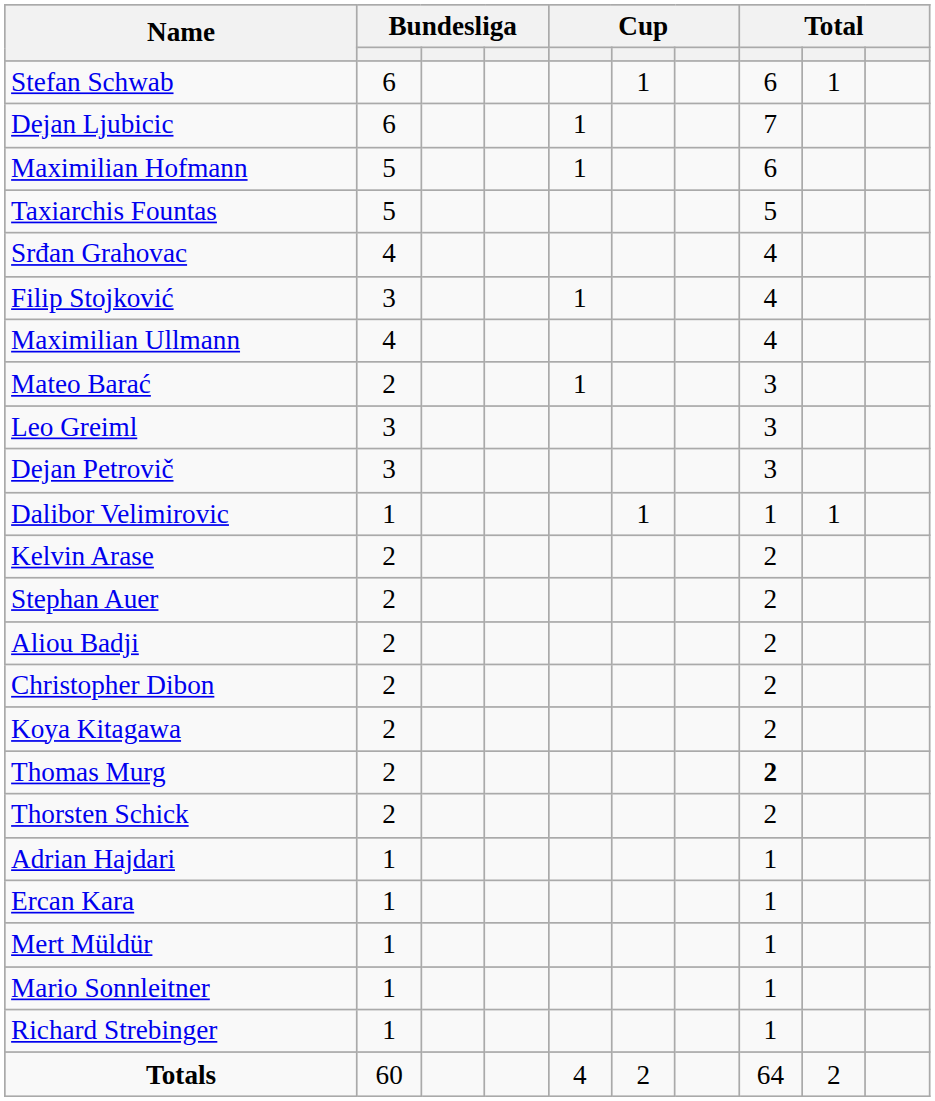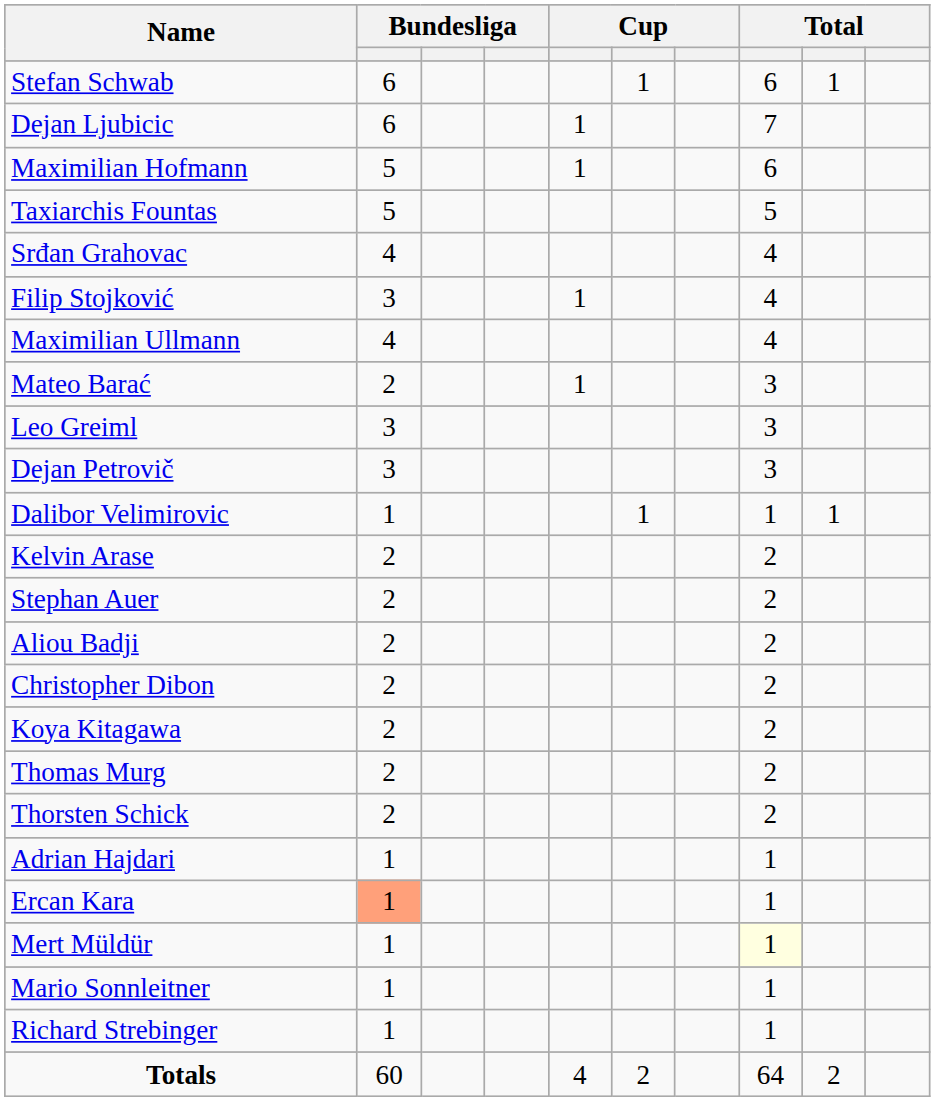 <table class="wikitable" style="text-align:center;">
 <tr>
 <th rowspan="2" width="200px">Name</th>
 <th colspan="3">Bundesliga</th>
 <th colspan="3">Cup</th>
 <th colspan="3">Total</th>
 </tr>
 <tr>
 <th width=30></th>
 <th width=30></th>
 <th width=30></th>
 <th width=30></th>
 <th width=30></th>
 <th width=30></th>
 <th width=30></th>
 <th width=30></th>
 <th width=30></th>
 </tr>
 <tr>
 <td align="left"> <a href='#'>Stefan Schwab</a></td>
 <td>6</td>
 <td></td>
 <td></td>
 <td></td>
 <td>1</td>
 <td></td>
 <td>6</td>
 <td>1</td>
 <td></td>
 </tr>
 <tr>
 <td align="left"> <a href='#'>Dejan Ljubicic</a></td>
 <td>6</td>
 <td></td>
 <td></td>
 <td>1</td>
 <td></td>
 <td></td>
 <td>7</td>
 <td></td>
 <td></td>
 </tr>
 <tr>
 <td align="left"> <a href='#'>Maximilian Hofmann</a></td>
 <td>5</td>
 <td></td>
 <td></td>
 <td>1</td>
 <td></td>
 <td></td>
 <td>6</td>
 <td></td>
 <td></td>
 </tr>
 <tr>
 <td align="left"> <a href='#'>Taxiarchis Fountas</a></td>
 <td>5</td>
 <td></td>
 <td></td>
 <td></td>
 <td></td>
 <td></td>
 <td>5</td>
 <td></td>
 <td></td>
 </tr>
 <tr>
 <td align="left"> <a href='#'>Srđan Grahovac</a></td>
 <td>4</td>
 <td></td>
 <td></td>
 <td></td>
 <td></td>
 <td></td>
 <td>4</td>
 <td></td>
 <td></td>
 </tr>
 <tr>
 <td align="left"> <a href='#'>Filip Stojković</a></td>
 <td>3</td>
 <td></td>
 <td></td>
 <td>1</td>
 <td></td>
 <td></td>
 <td>4</td>
 <td></td>
 <td></td>
 </tr>
 <tr>
 <td align="left"> <a href='#'>Maximilian Ullmann</a></td>
 <td>4</td>
 <td></td>
 <td></td>
 <td></td>
 <td></td>
 <td></td>
 <td>4</td>
 <td></td>
 <td></td>
 </tr>
 <tr>
 <td align="left"> <a href='#'>Mateo Barać</a></td>
 <td>2</td>
 <td></td>
 <td></td>
 <td>1</td>
 <td></td>
 <td></td>
 <td>3</td>
 <td></td>
 <td></td>
 </tr>
 <tr>
 <td align="left"> <a href='#'>Leo Greiml</a></td>
 <td>3</td>
 <td></td>
 <td></td>
 <td></td>
 <td></td>
 <td></td>
 <td>3</td>
 <td></td>
 <td></td>
 </tr>
 <tr>
 <td align="left"> <a href='#'>Dejan Petrovič</a></td>
 <td>3</td>
 <td></td>
 <td></td>
 <td></td>
 <td></td>
 <td></td>
 <td>3</td>
 <td></td>
 <td></td>
 </tr>
 <tr>
 <td align="left"> <a href='#'>Dalibor Velimirovic</a></td>
 <td>1</td>
 <td></td>
 <td></td>
 <td></td>
 <td>1</td>
 <td></td>
 <td>1</td>
 <td>1</td>
 <td></td>
 </tr>
 <tr>
 <td align="left"> <a href='#'>Kelvin Arase</a></td>
 <td>2</td>
 <td></td>
 <td></td>
 <td></td>
 <td></td>
 <td></td>
 <td>2</td>
 <td></td>
 <td></td>
 </tr>
 <tr>
 <td align="left"> <a href='#'>Stephan Auer</a></td>
 <td>2</td>
 <td></td>
 <td></td>
 <td></td>
 <td></td>
 <td></td>
 <td>2</td>
 <td></td>
 <td></td>
 </tr>
 <tr>
 <td align="left"> <a href='#'>Aliou Badji</a></td>
 <td>2</td>
 <td></td>
 <td></td>
 <td></td>
 <td></td>
 <td></td>
 <td>2</td>
 <td></td>
 <td></td>
 </tr>
 <tr>
 <td align="left"> <a href='#'>Christopher Dibon</a></td>
 <td>2</td>
 <td></td>
 <td></td>
 <td></td>
 <td></td>
 <td></td>
 <td>2</td>
 <td></td>
 <td></td>
 </tr>
 <tr>
 <td align="left"> <a href='#'>Koya Kitagawa</a></td>
 <td>2</td>
 <td></td>
 <td></td>
 <td></td>
 <td></td>
 <td></td>
 <td>2</td>
 <td></td>
 <td></td>
 </tr>
 <tr>
 <td align="left"> <a href='#'>Thomas Murg</a></td>
 <td>2</td>
 <td></td>
 <td></td>
 <td></td>
 <td></td>
 <td></td>
-<td><strong>2</strong></td>
+<td>2</td>
 <td></td>
 <td></td>
 </tr>
 <tr>
 <td align="left"> <a href='#'>Thorsten Schick</a></td>
 <td>2</td>
 <td></td>
 <td></td>
 <td></td>
 <td></td>
 <td></td>
 <td>2</td>
 <td></td>
 <td></td>
 </tr>
 <tr>
 <td align="left"> <a href='#'>Adrian Hajdari</a></td>
 <td>1</td>
 <td></td>
 <td></td>
 <td></td>
 <td></td>
 <td></td>
 <td>1</td>
 <td></td>
 <td></td>
 </tr>
 <tr>
 <td align="left"> <a href='#'>Ercan Kara</a></td>
-<td>1</td>
+<td style="background: lightsalmon;">1</td>
 <td></td>
 <td></td>
 <td></td>
 <td></td>
 <td></td>
 <td>1</td>
 <td></td>
 <td></td>
 </tr>
 <tr>
 <td align="left"> <a href='#'>Mert Müldür</a></td>
 <td>1</td>
 <td></td>
 <td></td>
 <td></td>
 <td></td>
 <td></td>
-<td>1</td>
+<td style="background: lightyellow;">1</td>
 <td></td>
 <td></td>
 </tr>
 <tr>
 <td align="left"> <a href='#'>Mario Sonnleitner</a></td>
 <td>1</td>
 <td></td>
 <td></td>
 <td></td>
 <td></td>
 <td></td>
 <td>1</td>
 <td></td>
 <td></td>
 </tr>
 <tr>
 <td align="left"> <a href='#'>Richard Strebinger</a></td>
 <td>1</td>
 <td></td>
 <td></td>
 <td></td>
 <td></td>
 <td></td>
 <td>1</td>
 <td></td>
 <td></td>
 </tr>
 <tr>
 <td><strong>Totals</strong></td>
 <td>60</td>
 <td></td>
 <td></td>
 <td>4</td>
 <td>2</td>
 <td></td>
 <td>64</td>
 <td>2</td>
 <td></td>
 </tr>
 </table>
